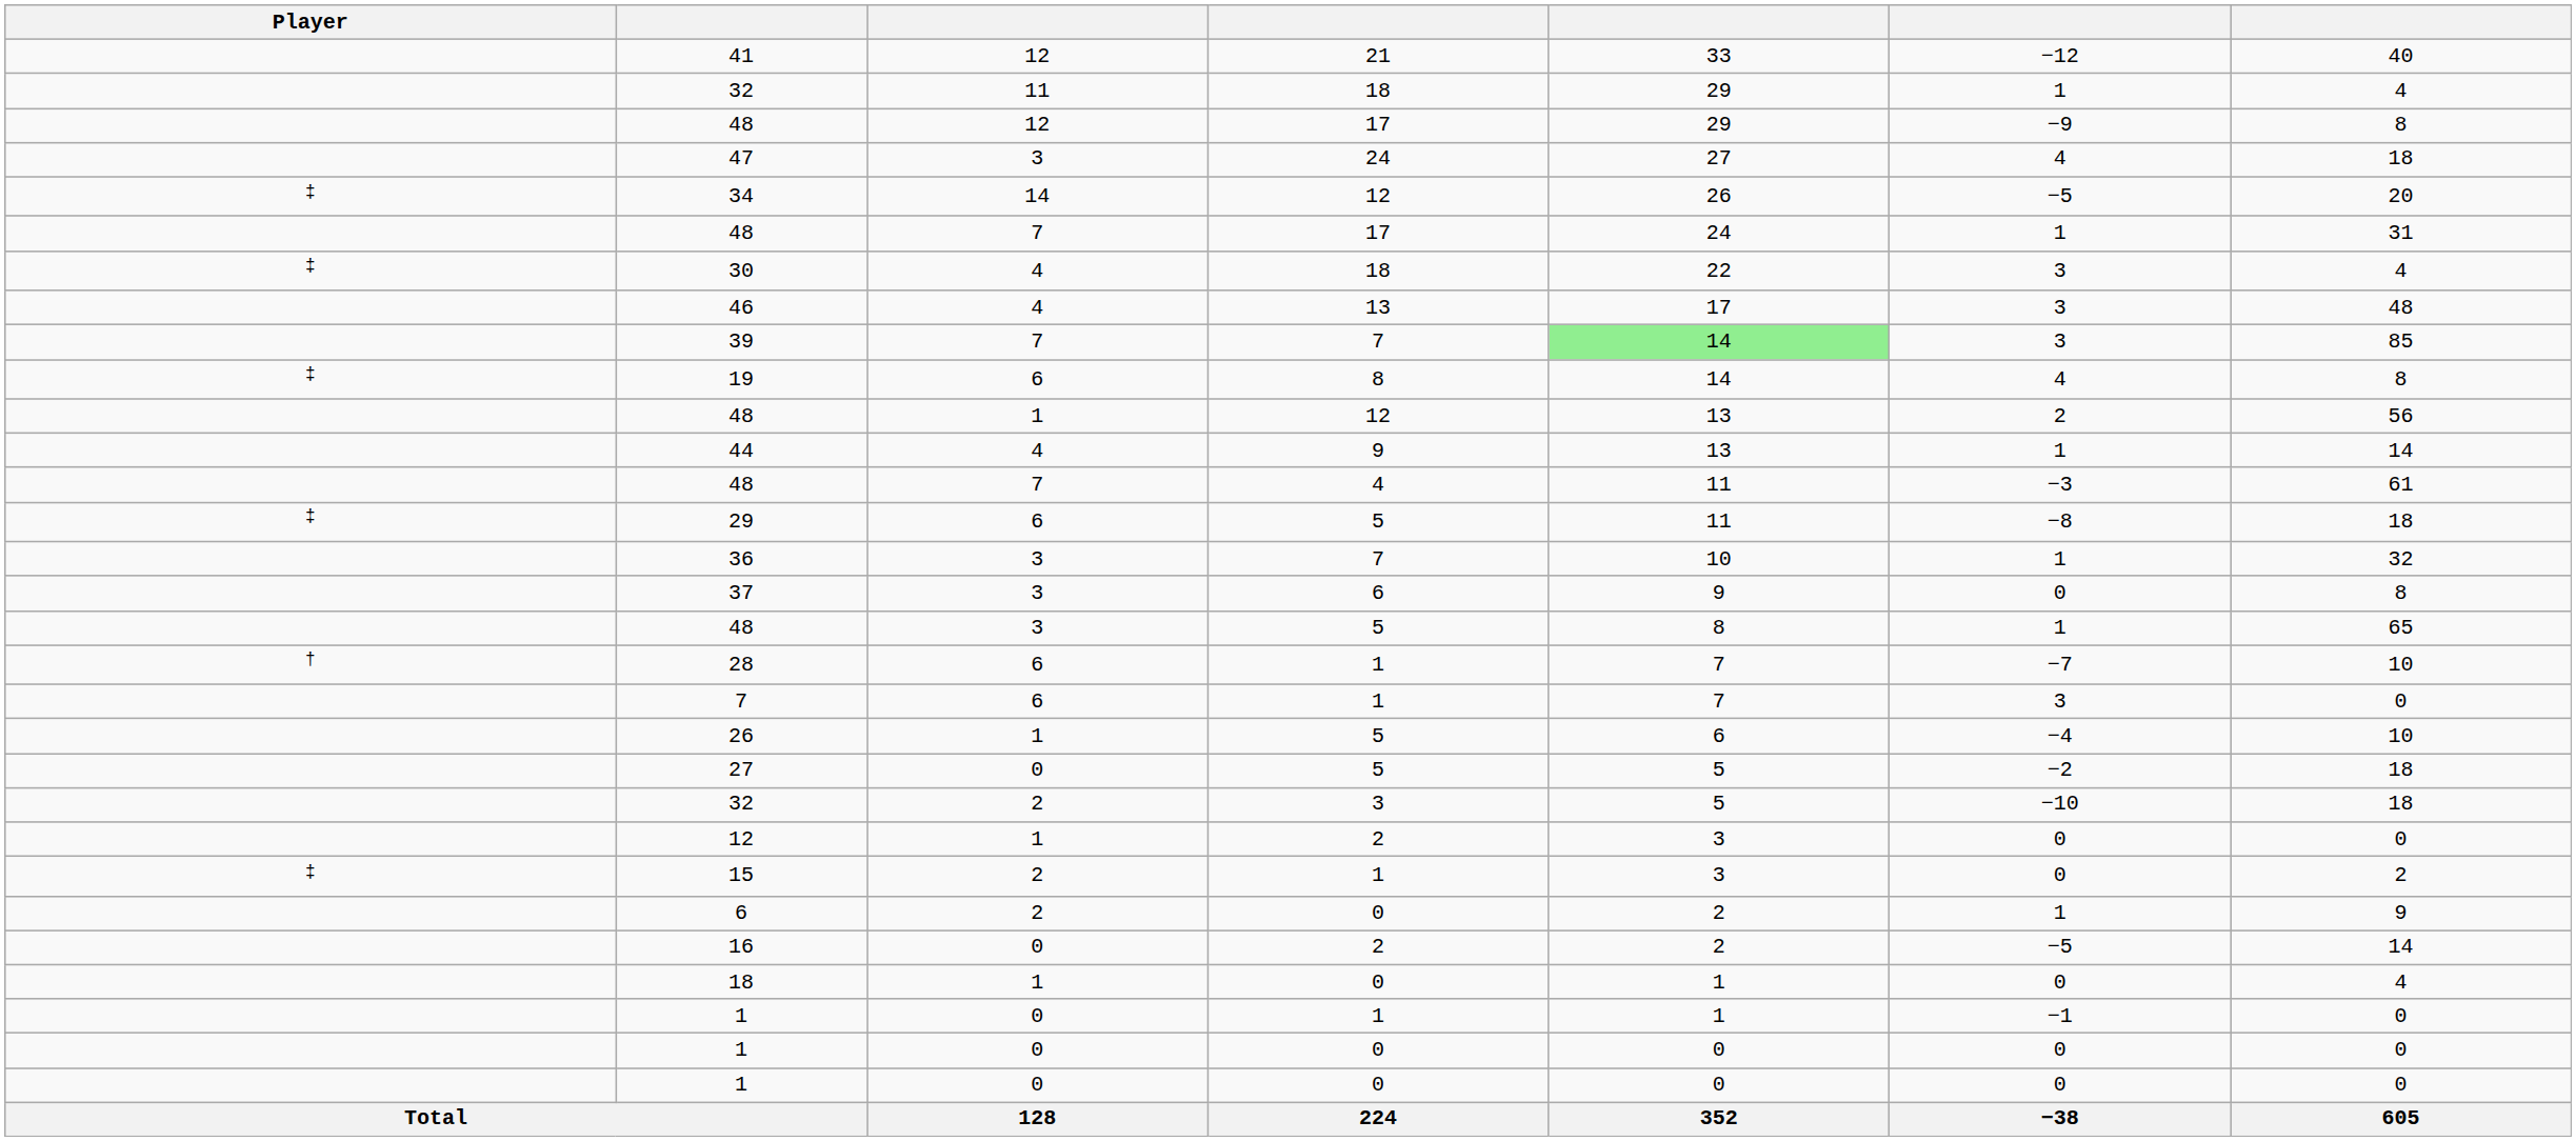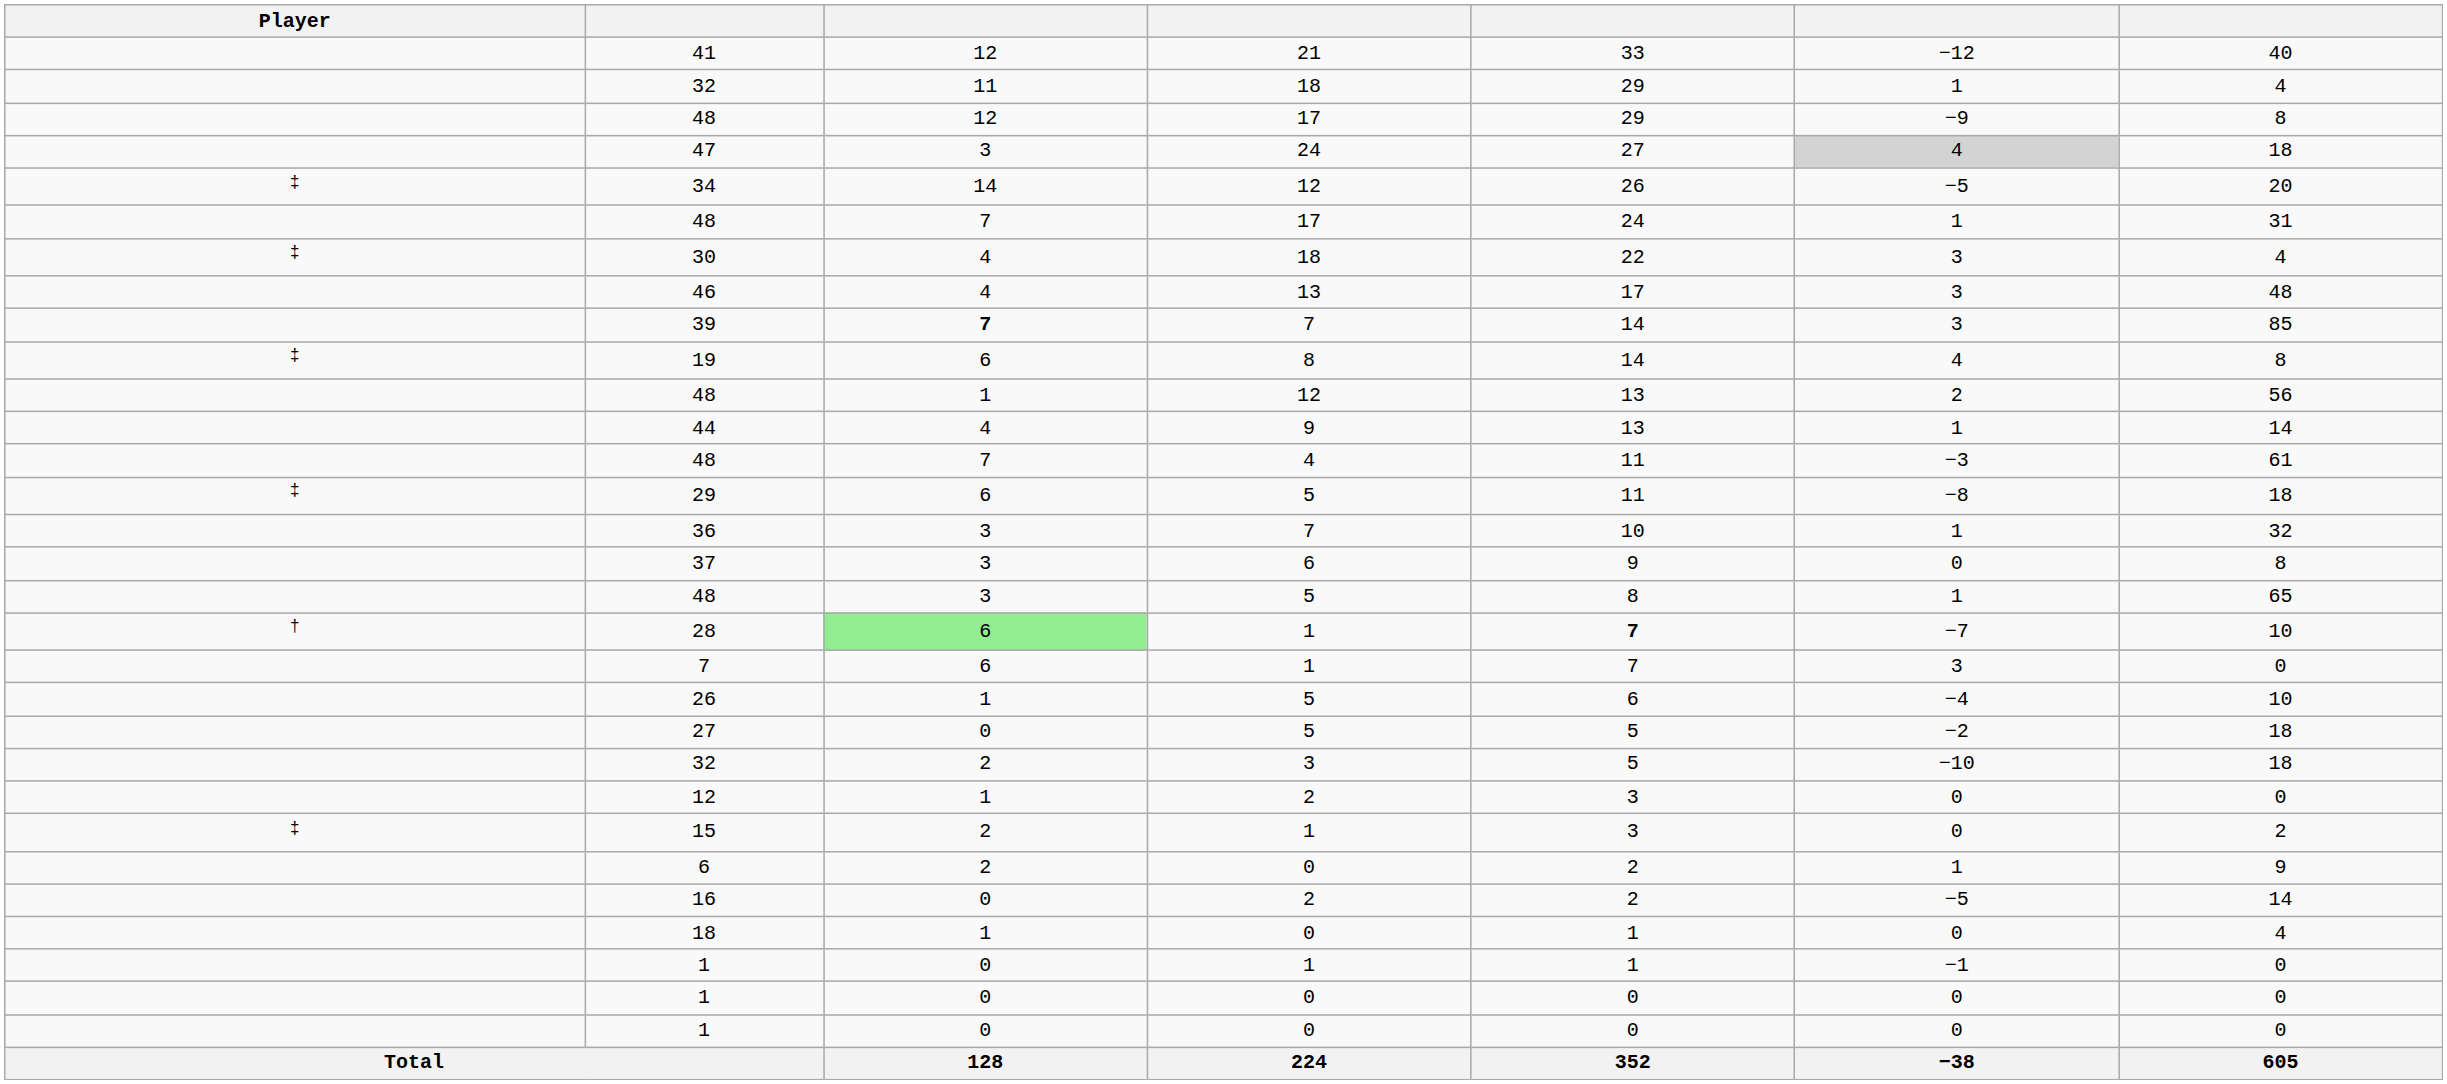 <table class="wikitable sortable" style="width:100%; text-align:center;">
 <tr>
 <th>Player</th>
 <th></th>
 <th></th>
 <th></th>
 <th></th>
 <th data-sort-type="number"></th>
 <th></th>
 </tr>
 <tr>
 <td></td>
 <td>41</td>
 <td>12</td>
 <td>21</td>
 <td>33</td>
 <td>−12</td>
 <td>40</td>
 </tr>
 <tr>
 <td></td>
 <td>32</td>
 <td>11</td>
 <td>18</td>
 <td>29</td>
 <td>1</td>
 <td>4</td>
 </tr>
 <tr>
 <td></td>
 <td>48</td>
 <td>12</td>
 <td>17</td>
 <td>29</td>
 <td>−9</td>
 <td>8</td>
 </tr>
 <tr>
 <td></td>
 <td>47</td>
 <td>3</td>
 <td>24</td>
 <td>27</td>
-<td>4</td>
+<td style="background: lightgrey;">4</td>
 <td>18</td>
 </tr>
 <tr>
 <td><sup>‡</sup></td>
 <td>34</td>
 <td>14</td>
 <td>12</td>
 <td>26</td>
 <td>−5</td>
 <td>20</td>
 </tr>
 <tr>
 <td></td>
 <td>48</td>
 <td>7</td>
 <td>17</td>
 <td>24</td>
 <td>1</td>
 <td>31</td>
 </tr>
 <tr>
 <td><sup>‡</sup></td>
 <td>30</td>
 <td>4</td>
 <td>18</td>
 <td>22</td>
 <td>3</td>
 <td>4</td>
 </tr>
 <tr>
 <td></td>
 <td>46</td>
 <td>4</td>
 <td>13</td>
 <td>17</td>
 <td>3</td>
 <td>48</td>
 </tr>
 <tr>
 <td></td>
 <td>39</td>
+<td><strong>7</strong></td>
 <td>7</td>
-<td>7</td>
-<td style="background: lightgreen;">14</td>
+<td>14</td>
 <td>3</td>
 <td>85</td>
 </tr>
 <tr>
 <td><sup>‡</sup></td>
 <td>19</td>
 <td>6</td>
 <td>8</td>
 <td>14</td>
 <td>4</td>
 <td>8</td>
 </tr>
 <tr>
 <td></td>
 <td>48</td>
 <td>1</td>
 <td>12</td>
 <td>13</td>
 <td>2</td>
 <td>56</td>
 </tr>
 <tr>
 <td></td>
 <td>44</td>
 <td>4</td>
 <td>9</td>
 <td>13</td>
 <td>1</td>
 <td>14</td>
 </tr>
 <tr>
 <td></td>
 <td>48</td>
 <td>7</td>
 <td>4</td>
 <td>11</td>
 <td>−3</td>
 <td>61</td>
 </tr>
 <tr>
 <td><sup>‡</sup></td>
 <td>29</td>
 <td>6</td>
 <td>5</td>
 <td>11</td>
 <td>−8</td>
 <td>18</td>
 </tr>
 <tr>
 <td></td>
 <td>36</td>
 <td>3</td>
 <td>7</td>
 <td>10</td>
 <td>1</td>
 <td>32</td>
 </tr>
 <tr>
 <td></td>
 <td>37</td>
 <td>3</td>
 <td>6</td>
 <td>9</td>
 <td>0</td>
 <td>8</td>
 </tr>
 <tr>
 <td></td>
 <td>48</td>
 <td>3</td>
 <td>5</td>
 <td>8</td>
 <td>1</td>
 <td>65</td>
 </tr>
 <tr>
 <td><sup>†</sup></td>
 <td>28</td>
-<td>6</td>
+<td style="background: lightgreen;">6</td>
 <td>1</td>
-<td>7</td>
+<td><strong>7</strong></td>
 <td>−7</td>
 <td>10</td>
 </tr>
 <tr>
 <td></td>
 <td>7</td>
 <td>6</td>
 <td>1</td>
 <td>7</td>
 <td>3</td>
 <td>0</td>
 </tr>
 <tr>
 <td></td>
 <td>26</td>
 <td>1</td>
 <td>5</td>
 <td>6</td>
 <td>−4</td>
 <td>10</td>
 </tr>
 <tr>
 <td></td>
 <td>27</td>
 <td>0</td>
 <td>5</td>
 <td>5</td>
 <td>−2</td>
 <td>18</td>
 </tr>
 <tr>
 <td></td>
 <td>32</td>
 <td>2</td>
 <td>3</td>
 <td>5</td>
 <td>−10</td>
 <td>18</td>
 </tr>
 <tr>
 <td></td>
 <td>12</td>
 <td>1</td>
 <td>2</td>
 <td>3</td>
 <td>0</td>
 <td>0</td>
 </tr>
 <tr>
 <td><sup>‡</sup></td>
 <td>15</td>
 <td>2</td>
 <td>1</td>
 <td>3</td>
 <td>0</td>
 <td>2</td>
 </tr>
 <tr>
 <td></td>
 <td>6</td>
 <td>2</td>
 <td>0</td>
 <td>2</td>
 <td>1</td>
 <td>9</td>
 </tr>
 <tr>
 <td></td>
 <td>16</td>
 <td>0</td>
 <td>2</td>
 <td>2</td>
 <td>−5</td>
 <td>14</td>
 </tr>
 <tr>
 <td></td>
 <td>18</td>
 <td>1</td>
 <td>0</td>
 <td>1</td>
 <td>0</td>
 <td>4</td>
 </tr>
 <tr>
 <td></td>
 <td>1</td>
 <td>0</td>
 <td>1</td>
 <td>1</td>
 <td>−1</td>
 <td>0</td>
 </tr>
 <tr>
 <td></td>
 <td>1</td>
 <td>0</td>
 <td>0</td>
 <td>0</td>
 <td>0</td>
 <td>0</td>
 </tr>
 <tr>
 <td></td>
 <td>1</td>
 <td>0</td>
 <td>0</td>
 <td>0</td>
 <td>0</td>
 <td>0</td>
 </tr>
 <tr class="unsortable">
 <th colspan=2>Total</th>
 <th>128</th>
 <th>224</th>
 <th>352</th>
 <th>−38</th>
 <th>605</th>
 </tr>
 </table>
